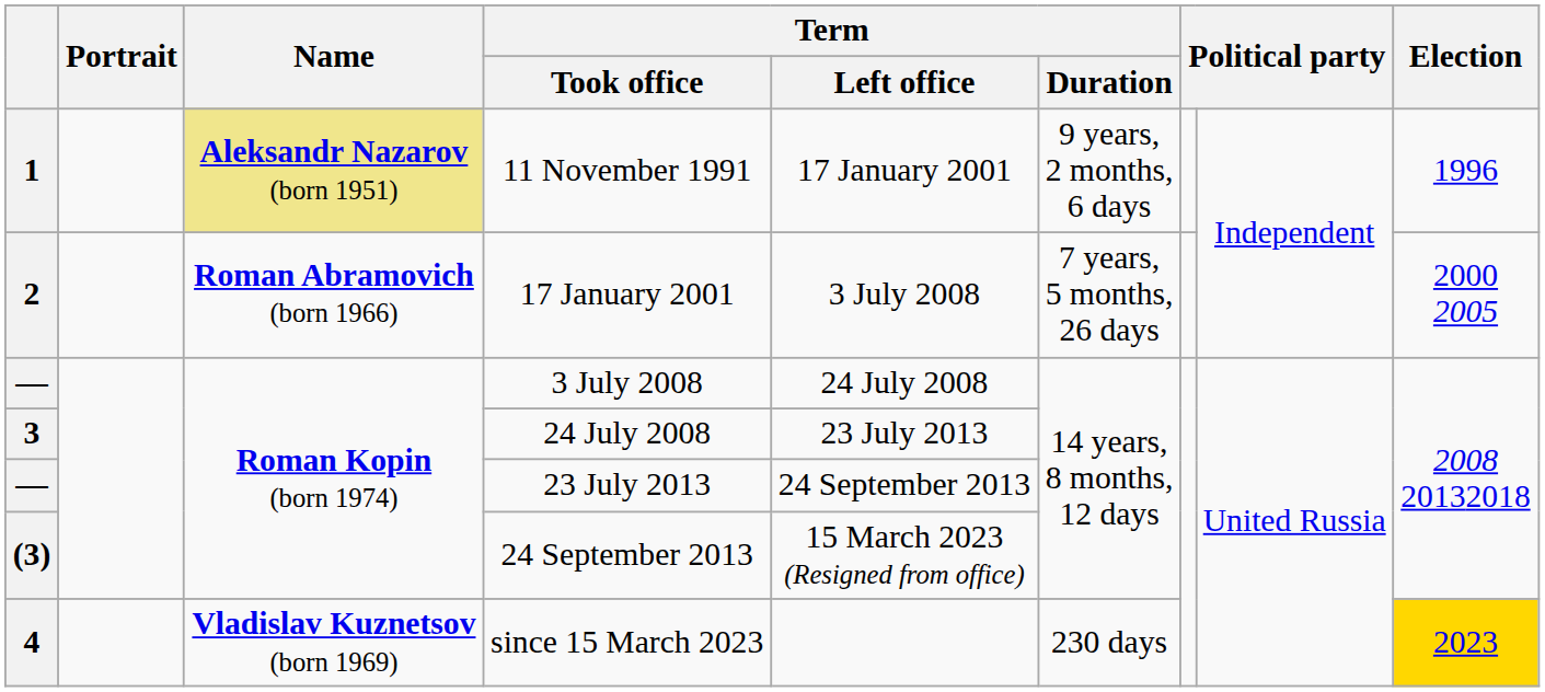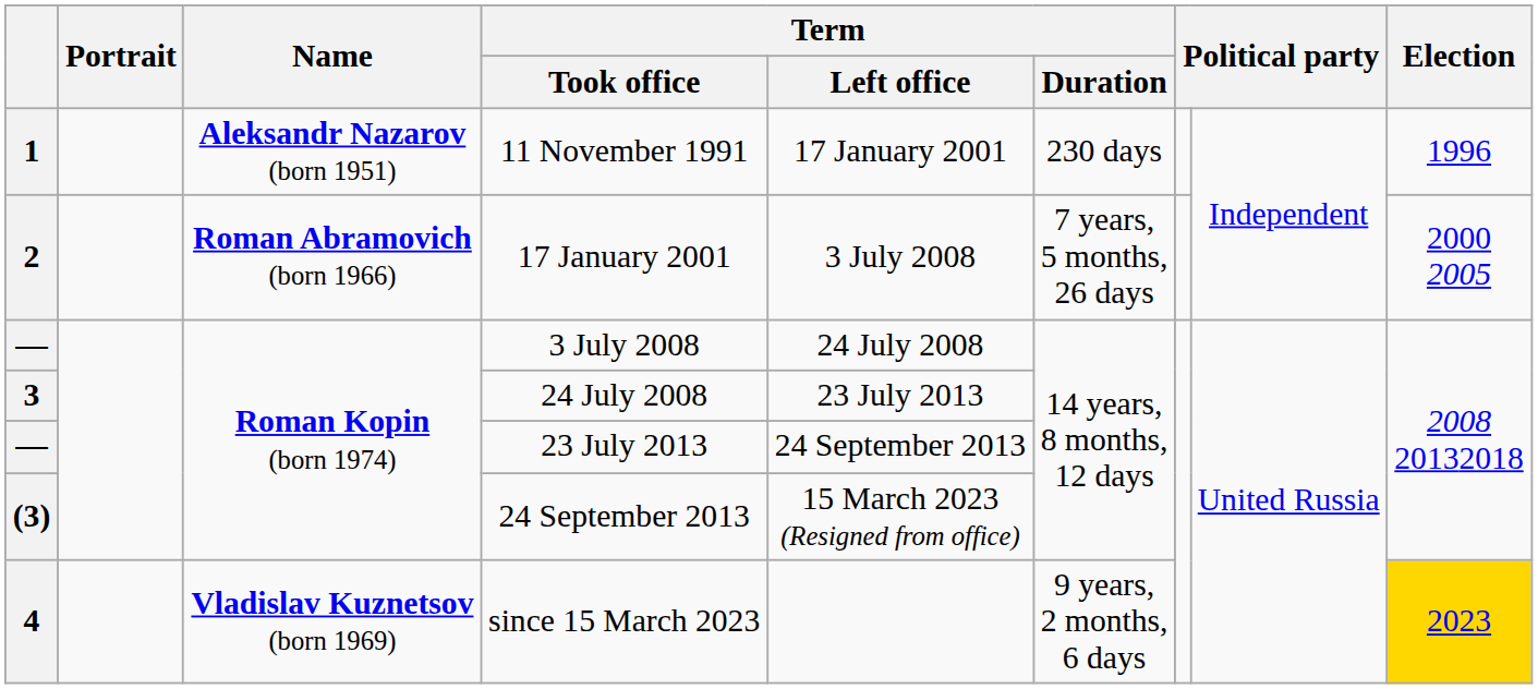 <table class="wikitable" style="text-align:center">
 <tr style="background:#cccccc" bgcolor=#E6E6AA>
 <th rowspan="2"></th>
 <th rowspan="2">Portrait</th>
 <th rowspan="2">Name<br></th>
 <th colspan="3">Term</th>
 <th colspan="2" rowspan="2">Political party</th>
 <th rowspan="2">Election</th>
 </tr>
 <tr>
 <th>Took office</th>
 <th>Left office</th>
 <th>Duration</th>
 </tr>
 <tr>
 <th>1</th>
 <td></td>
-<td style="background: khaki;"><strong><a href='#'>Aleksandr Nazarov</a></strong><br><small>(born 1951)</small></td>
+<td><strong><a href='#'>Aleksandr Nazarov</a></strong><br><small>(born 1951)</small></td>
 <td>11 November 1991</td>
 <td>17 January 2001</td>
-<td>9 years,<br>2 months,<br>6 days</td>
+<td>230 days</td>
 <td style="background: "></td>
 <td rowspan="2"><a href='#'>Independent</a></td>
 <td><a href='#'>1996</a></td>
 </tr>
 <tr>
 <th>2</th>
 <td></td>
 <td><strong><a href='#'>Roman Abramovich</a></strong><br><small>(born 1966)</small></td>
 <td>17 January 2001</td>
 <td>3 July 2008</td>
 <td>7 years,<br>5 months,<br>26 days</td>
 <td style="background: "></td>
 <td><a href='#'>2000</a><br><em><a href='#'>2005</a></em></td>
 </tr>
 <tr>
 <th>—</th>
 <td rowspan="4"></td>
 <td rowspan="4"><strong><a href='#'>Roman Kopin</a></strong><br><small>(born 1974)</small></td>
 <td>3 July 2008</td>
 <td>24 July 2008</td>
 <td rowspan="4">14 years,<br>8 months,<br>12 days</td>
 <td rowspan="5;" style="background: "></td>
 <td rowspan="5"><a href='#'>United Russia</a></td>
 <td rowspan="4"><em><a href='#'>2008</a></em><br><a href='#'>2013</a><a href='#'>2018</a></td>
 </tr>
 <tr>
 <th>3</th>
 <td>24 July 2008</td>
 <td>23 July 2013</td>
 </tr>
 <tr>
 <th>—</th>
 <td>23 July 2013</td>
 <td>24 September 2013</td>
 </tr>
 <tr>
 <th>(3)</th>
 <td>24 September 2013</td>
 <td>15 March 2023<br><small><em>(Resigned from office)</em></small></td>
 </tr>
 <tr>
 <th>4</th>
 <td></td>
 <td><strong><a href='#'>Vladislav Kuznetsov</a></strong><br><small>(born 1969)</small></td>
 <td>since 15 March 2023</td>
 <td></td>
-<td>230 days</td>
+<td>9 years,<br>2 months,<br>6 days</td>
 <td style="background: gold;"><a href='#'>2023</a></td>
 </tr>
 </table>
